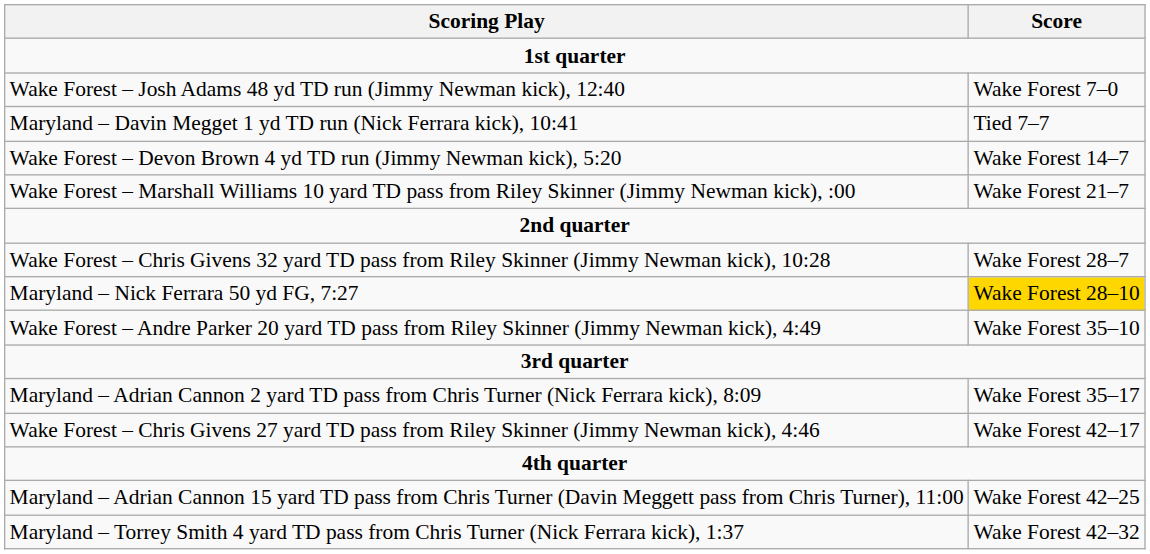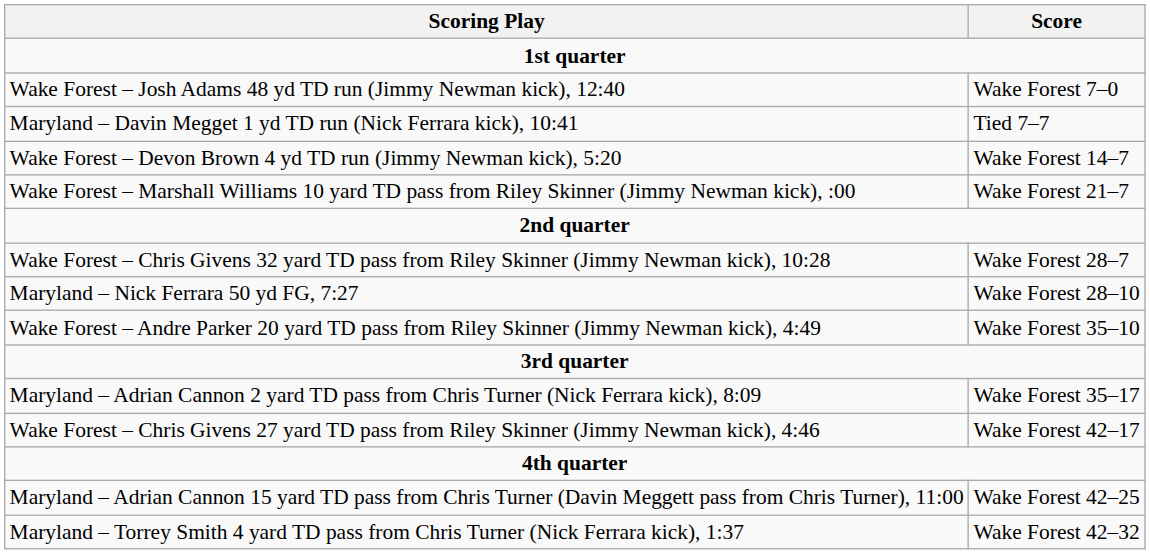 <table class="wikitable">
 <tr>
 <th>Scoring Play</th>
 <th>Score</th>
 </tr>
 <tr>
 <td colspan="4" align="center"><strong>1st quarter</strong></td>
 </tr>
 <tr>
 <td>Wake Forest – Josh Adams 48 yd TD run (Jimmy Newman kick), 12:40</td>
 <td>Wake Forest 7–0</td>
 </tr>
 <tr>
 <td>Maryland – Davin Megget 1 yd TD run (Nick Ferrara kick), 10:41</td>
 <td>Tied 7–7</td>
 </tr>
 <tr>
 <td>Wake Forest – Devon Brown 4 yd TD run (Jimmy Newman kick), 5:20</td>
 <td>Wake Forest 14–7</td>
 </tr>
 <tr>
 <td>Wake Forest – Marshall Williams 10 yard TD pass from Riley Skinner (Jimmy Newman kick), :00</td>
 <td>Wake Forest 21–7</td>
 </tr>
 <tr>
 <td colspan="4" align="center"><strong>2nd quarter</strong></td>
 </tr>
 <tr>
 <td>Wake Forest – Chris Givens 32 yard TD pass from Riley Skinner (Jimmy Newman kick), 10:28</td>
 <td>Wake Forest 28–7</td>
 </tr>
 <tr>
 <td>Maryland – Nick Ferrara 50 yd FG, 7:27</td>
-<td style="background: gold;">Wake Forest 28–10</td>
+<td>Wake Forest 28–10</td>
 </tr>
 <tr>
 <td>Wake Forest – Andre Parker 20 yard TD pass from Riley Skinner (Jimmy Newman kick), 4:49</td>
 <td>Wake Forest 35–10</td>
 </tr>
 <tr>
 <td colspan="6" align="center"><strong>3rd quarter</strong></td>
 </tr>
 <tr>
 <td>Maryland – Adrian Cannon 2 yard TD pass from Chris Turner (Nick Ferrara kick), 8:09</td>
 <td>Wake Forest 35–17</td>
 </tr>
 <tr>
 <td>Wake Forest – Chris Givens 27 yard TD pass from Riley Skinner (Jimmy Newman kick), 4:46</td>
 <td>Wake Forest 42–17</td>
 </tr>
 <tr>
 <td colspan="6" align="center"><strong>4th quarter</strong></td>
 </tr>
 <tr>
 <td>Maryland – Adrian Cannon 15 yard TD pass from Chris Turner (Davin Meggett pass from Chris Turner), 11:00</td>
 <td>Wake Forest 42–25</td>
 </tr>
 <tr>
 <td>Maryland – Torrey Smith 4 yard TD pass from Chris Turner (Nick Ferrara kick), 1:37</td>
 <td>Wake Forest 42–32</td>
 </tr>
 </table>
